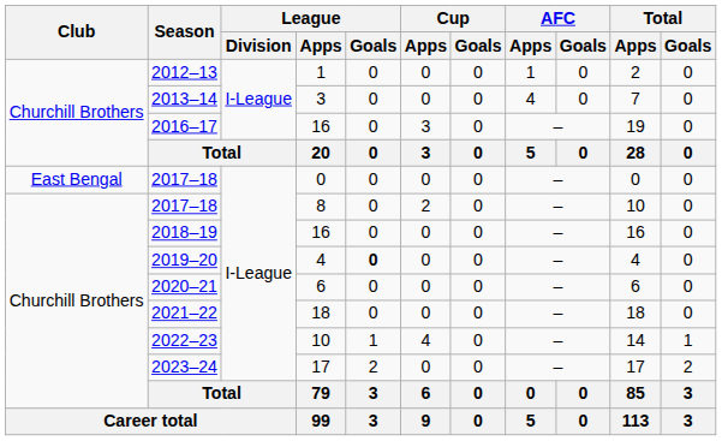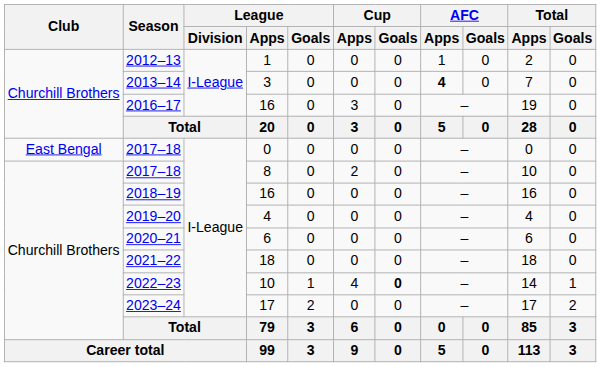 <table class="wikitable" style="font-size; text-align:center;">
 <tr>
 <th rowspan="2">Club</th>
 <th rowspan="2">Season</th>
 <th colspan="3">League</th>
 <th colspan="2">Cup</th>
 <th colspan="2"><a href='#'>AFC</a></th>
 <th colspan="2">Total</th>
 </tr>
 <tr>
 <th>Division</th>
 <th>Apps</th>
 <th>Goals</th>
 <th>Apps</th>
 <th>Goals</th>
 <th>Apps</th>
 <th>Goals</th>
 <th>Apps</th>
 <th>Goals</th>
 </tr>
 <tr>
 <td rowspan="4"><a href='#'>Churchill Brothers</a></td>
 <td><a href='#'>2012–13</a></td>
 <td rowspan="3"><a href='#'>I-League</a></td>
 <td>1</td>
 <td>0</td>
 <td>0</td>
 <td>0</td>
 <td>1</td>
 <td>0</td>
 <td>2</td>
 <td>0</td>
 </tr>
 <tr>
 <td><a href='#'>2013–14</a></td>
 <td>3</td>
 <td>0</td>
 <td>0</td>
 <td>0</td>
-<td>4</td>
+<td><strong>4</strong></td>
 <td>0</td>
 <td>7</td>
 <td>0</td>
 </tr>
 <tr>
 <td><a href='#'>2016–17</a></td>
 <td>16</td>
 <td>0</td>
 <td>3</td>
 <td>0</td>
 <td colspan="2">–</td>
 <td>19</td>
 <td>0</td>
 </tr>
 <tr>
 <th colspan="2">Total</th>
 <th>20</th>
 <th>0</th>
 <th>3</th>
 <th>0</th>
 <th>5</th>
 <th>0</th>
 <th>28</th>
 <th>0</th>
 </tr>
 <tr>
 <td rowspan="1"><a href='#'>East Bengal</a></td>
 <td><a href='#'>2017–18</a></td>
 <td rowspan="8">I-League</td>
 <td>0</td>
 <td>0</td>
 <td>0</td>
 <td>0</td>
 <td colspan="2">–</td>
 <td>0</td>
 <td>0</td>
 </tr>
 <tr>
 <td rowspan="8">Churchill Brothers</td>
 <td><a href='#'>2017–18</a></td>
 <td>8</td>
 <td>0</td>
 <td>2</td>
 <td>0</td>
 <td colspan="2">–</td>
 <td>10</td>
 <td>0</td>
 </tr>
 <tr>
 <td><a href='#'>2018–19</a></td>
 <td>16</td>
 <td>0</td>
 <td>0</td>
 <td>0</td>
 <td colspan="2">–</td>
 <td>16</td>
 <td>0</td>
 </tr>
 <tr>
 <td><a href='#'>2019–20</a></td>
 <td>4</td>
-<td><strong>0</strong></td>
+<td>0</td>
 <td>0</td>
 <td>0</td>
 <td colspan="2">–</td>
 <td>4</td>
 <td>0</td>
 </tr>
 <tr>
 <td><a href='#'>2020–21</a></td>
 <td>6</td>
 <td>0</td>
 <td>0</td>
 <td>0</td>
 <td colspan="2">–</td>
 <td>6</td>
 <td>0</td>
 </tr>
 <tr>
 <td><a href='#'>2021–22</a></td>
 <td>18</td>
 <td>0</td>
 <td>0</td>
 <td>0</td>
 <td colspan="2">–</td>
 <td>18</td>
 <td>0</td>
 </tr>
 <tr>
 <td><a href='#'>2022–23</a></td>
 <td>10</td>
 <td>1</td>
 <td>4</td>
-<td>0</td>
+<td><strong>0</strong></td>
 <td colspan="2">–</td>
 <td>14</td>
 <td>1</td>
 </tr>
 <tr>
 <td><a href='#'>2023–24</a></td>
 <td>17</td>
 <td>2</td>
 <td>0</td>
 <td>0</td>
 <td colspan="2">–</td>
 <td>17</td>
 <td>2</td>
 </tr>
 <tr>
 <th colspan="2">Total</th>
 <th>79</th>
 <th>3</th>
 <th>6</th>
 <th>0</th>
 <th>0</th>
 <th>0</th>
 <th>85</th>
 <th>3</th>
 </tr>
 <tr>
 <th colspan="3">Career total</th>
 <th>99</th>
 <th>3</th>
 <th>9</th>
 <th>0</th>
 <th>5</th>
 <th>0</th>
 <th>113</th>
 <th>3</th>
 </tr>
 </table>
